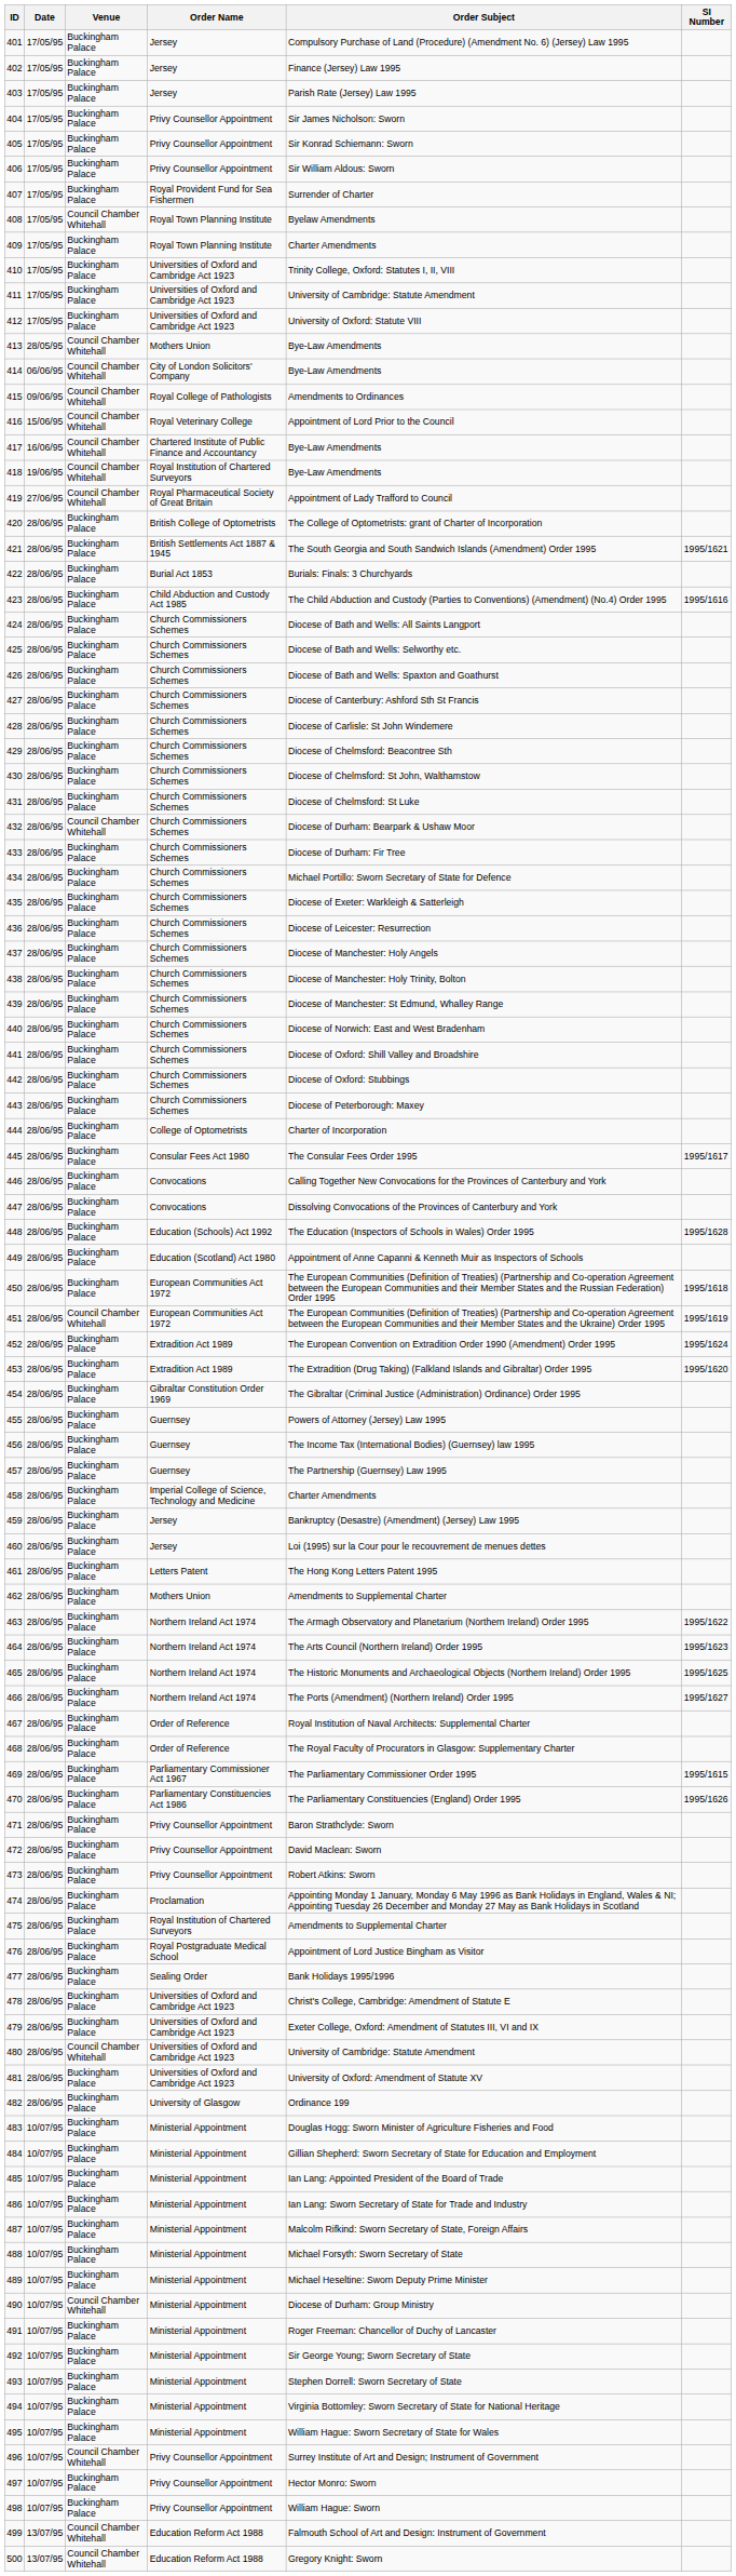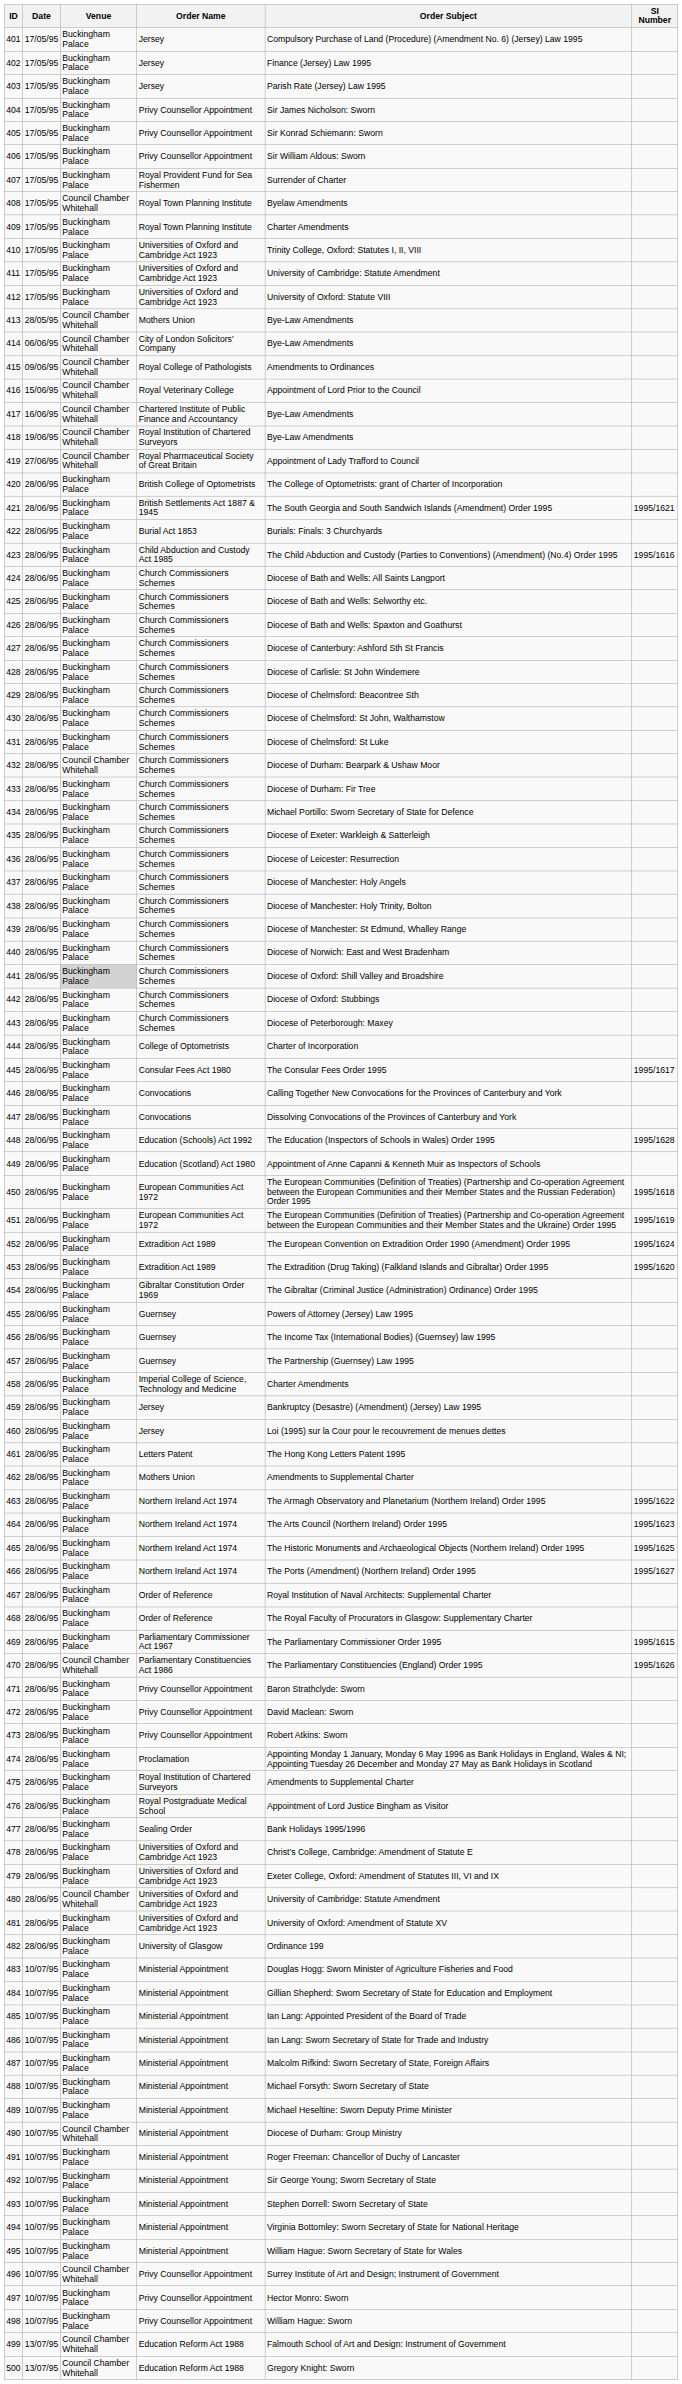 <table class="wikitable">
 <tr>
 <th>ID</th>
 <th>Date</th>
 <th>Venue</th>
 <th>Order Name</th>
 <th>Order Subject</th>
 <th>SI Number</th>
 </tr>
 <tr>
 <td>401</td>
 <td>17/05/95</td>
 <td>Buckingham Palace</td>
 <td>Jersey</td>
 <td>Compulsory Purchase of Land (Procedure) (Amendment No. 6) (Jersey) Law 1995</td>
 <td></td>
 </tr>
 <tr>
 <td>402</td>
 <td>17/05/95</td>
 <td>Buckingham Palace</td>
 <td>Jersey</td>
 <td>Finance (Jersey) Law 1995</td>
 <td></td>
 </tr>
 <tr>
 <td>403</td>
 <td>17/05/95</td>
 <td>Buckingham Palace</td>
 <td>Jersey</td>
 <td>Parish Rate (Jersey) Law 1995</td>
 <td></td>
 </tr>
 <tr>
 <td>404</td>
 <td>17/05/95</td>
 <td>Buckingham Palace</td>
 <td>Privy Counsellor Appointment</td>
 <td>Sir James Nicholson: Sworn</td>
 <td></td>
 </tr>
 <tr>
 <td>405</td>
 <td>17/05/95</td>
 <td>Buckingham Palace</td>
 <td>Privy Counsellor Appointment</td>
 <td>Sir Konrad Schiemann: Sworn</td>
 <td></td>
 </tr>
 <tr>
 <td>406</td>
 <td>17/05/95</td>
 <td>Buckingham Palace</td>
 <td>Privy Counsellor Appointment</td>
 <td>Sir William Aldous: Sworn</td>
 <td></td>
 </tr>
 <tr>
 <td>407</td>
 <td>17/05/95</td>
 <td>Buckingham Palace</td>
 <td>Royal Provident Fund for Sea Fishermen</td>
 <td>Surrender of Charter</td>
 <td></td>
 </tr>
 <tr>
 <td>408</td>
 <td>17/05/95</td>
 <td>Council Chamber Whitehall</td>
 <td>Royal Town Planning Institute</td>
 <td>Byelaw Amendments</td>
 <td></td>
 </tr>
 <tr>
 <td>409</td>
 <td>17/05/95</td>
 <td>Buckingham Palace</td>
 <td>Royal Town Planning Institute</td>
 <td>Charter Amendments</td>
 <td></td>
 </tr>
 <tr>
 <td>410</td>
 <td>17/05/95</td>
 <td>Buckingham Palace</td>
 <td>Universities of Oxford and Cambridge Act 1923</td>
 <td>Trinity College, Oxford: Statutes I, II, VIII</td>
 <td></td>
 </tr>
 <tr>
 <td>411</td>
 <td>17/05/95</td>
 <td>Buckingham Palace</td>
 <td>Universities of Oxford and Cambridge Act 1923</td>
 <td>University of Cambridge: Statute Amendment</td>
 <td></td>
 </tr>
 <tr>
 <td>412</td>
 <td>17/05/95</td>
 <td>Buckingham Palace</td>
 <td>Universities of Oxford and Cambridge Act 1923</td>
 <td>University of Oxford: Statute VIII</td>
 <td></td>
 </tr>
 <tr>
 <td>413</td>
 <td>28/05/95</td>
 <td>Council Chamber Whitehall</td>
 <td>Mothers Union</td>
 <td>Bye-Law Amendments</td>
 <td></td>
 </tr>
 <tr>
 <td>414</td>
 <td>06/06/95</td>
 <td>Council Chamber Whitehall</td>
 <td>City of London Solicitors' Company</td>
 <td>Bye-Law Amendments</td>
 <td></td>
 </tr>
 <tr>
 <td>415</td>
 <td>09/06/95</td>
 <td>Council Chamber Whitehall</td>
 <td>Royal College of Pathologists</td>
 <td>Amendments to Ordinances</td>
 <td></td>
 </tr>
 <tr>
 <td>416</td>
 <td>15/06/95</td>
 <td>Council Chamber Whitehall</td>
 <td>Royal Veterinary College</td>
 <td>Appointment of Lord Prior to the Council</td>
 <td></td>
 </tr>
 <tr>
 <td>417</td>
 <td>16/06/95</td>
 <td>Council Chamber Whitehall</td>
 <td>Chartered Institute of Public Finance and Accountancy</td>
 <td>Bye-Law Amendments</td>
 <td></td>
 </tr>
 <tr>
 <td>418</td>
 <td>19/06/95</td>
 <td>Council Chamber Whitehall</td>
 <td>Royal Institution of Chartered Surveyors</td>
 <td>Bye-Law Amendments</td>
 <td></td>
 </tr>
 <tr>
 <td>419</td>
 <td>27/06/95</td>
 <td>Council Chamber Whitehall</td>
 <td>Royal Pharmaceutical Society of Great Britain</td>
 <td>Appointment of Lady Trafford to Council</td>
 <td></td>
 </tr>
 <tr>
 <td>420</td>
 <td>28/06/95</td>
 <td>Buckingham Palace</td>
 <td>British College of Optometrists</td>
 <td>The College of Optometrists: grant of Charter of Incorporation</td>
 <td></td>
 </tr>
 <tr>
 <td>421</td>
 <td>28/06/95</td>
 <td>Buckingham Palace</td>
 <td>British Settlements Act 1887 & 1945</td>
 <td>The South Georgia and South Sandwich Islands (Amendment) Order 1995</td>
 <td>1995/1621</td>
 </tr>
 <tr>
 <td>422</td>
 <td>28/06/95</td>
 <td>Buckingham Palace</td>
 <td>Burial Act 1853</td>
 <td>Burials: Finals: 3 Churchyards</td>
 <td></td>
 </tr>
 <tr>
 <td>423</td>
 <td>28/06/95</td>
 <td>Buckingham Palace</td>
 <td>Child Abduction and Custody Act 1985</td>
 <td>The Child Abduction and Custody (Parties to Conventions) (Amendment) (No.4) Order 1995</td>
 <td>1995/1616</td>
 </tr>
 <tr>
 <td>424</td>
 <td>28/06/95</td>
 <td>Buckingham Palace</td>
 <td>Church Commissioners Schemes</td>
 <td>Diocese of Bath and Wells: All Saints Langport</td>
 <td></td>
 </tr>
 <tr>
 <td>425</td>
 <td>28/06/95</td>
 <td>Buckingham Palace</td>
 <td>Church Commissioners Schemes</td>
 <td>Diocese of Bath and Wells: Selworthy etc.</td>
 <td></td>
 </tr>
 <tr>
 <td>426</td>
 <td>28/06/95</td>
 <td>Buckingham Palace</td>
 <td>Church Commissioners Schemes</td>
 <td>Diocese of Bath and Wells: Spaxton and Goathurst</td>
 <td></td>
 </tr>
 <tr>
 <td>427</td>
 <td>28/06/95</td>
 <td>Buckingham Palace</td>
 <td>Church Commissioners Schemes</td>
 <td>Diocese of Canterbury: Ashford Sth St Francis</td>
 <td></td>
 </tr>
 <tr>
 <td>428</td>
 <td>28/06/95</td>
 <td>Buckingham Palace</td>
 <td>Church Commissioners Schemes</td>
 <td>Diocese of Carlisle: St John Windemere</td>
 <td></td>
 </tr>
 <tr>
 <td>429</td>
 <td>28/06/95</td>
 <td>Buckingham Palace</td>
 <td>Church Commissioners Schemes</td>
 <td>Diocese of Chelmsford: Beacontree Sth</td>
 <td></td>
 </tr>
 <tr>
 <td>430</td>
 <td>28/06/95</td>
 <td>Buckingham Palace</td>
 <td>Church Commissioners Schemes</td>
 <td>Diocese of Chelmsford: St John, Walthamstow</td>
 <td></td>
 </tr>
 <tr>
 <td>431</td>
 <td>28/06/95</td>
 <td>Buckingham Palace</td>
 <td>Church Commissioners Schemes</td>
 <td>Diocese of Chelmsford: St Luke</td>
 <td></td>
 </tr>
 <tr>
 <td>432</td>
 <td>28/06/95</td>
 <td>Council Chamber Whitehall</td>
 <td>Church Commissioners Schemes</td>
 <td>Diocese of Durham: Bearpark & Ushaw Moor</td>
 <td></td>
 </tr>
 <tr>
 <td>433</td>
 <td>28/06/95</td>
 <td>Buckingham Palace</td>
 <td>Church Commissioners Schemes</td>
 <td>Diocese of Durham: Fir Tree</td>
 <td></td>
 </tr>
 <tr>
 <td>434</td>
 <td>28/06/95</td>
 <td>Buckingham Palace</td>
 <td>Church Commissioners Schemes</td>
 <td>Michael Portillo: Sworn Secretary of State for Defence</td>
 <td></td>
 </tr>
 <tr>
 <td>435</td>
 <td>28/06/95</td>
 <td>Buckingham Palace</td>
 <td>Church Commissioners Schemes</td>
 <td>Diocese of Exeter: Warkleigh & Satterleigh</td>
 <td></td>
 </tr>
 <tr>
 <td>436</td>
 <td>28/06/95</td>
 <td>Buckingham Palace</td>
 <td>Church Commissioners Schemes</td>
 <td>Diocese of Leicester: Resurrection</td>
 <td></td>
 </tr>
 <tr>
 <td>437</td>
 <td>28/06/95</td>
 <td>Buckingham Palace</td>
 <td>Church Commissioners Schemes</td>
 <td>Diocese of Manchester: Holy Angels</td>
 <td></td>
 </tr>
 <tr>
 <td>438</td>
 <td>28/06/95</td>
 <td>Buckingham Palace</td>
 <td>Church Commissioners Schemes</td>
 <td>Diocese of Manchester: Holy Trinity, Bolton</td>
 <td></td>
 </tr>
 <tr>
 <td>439</td>
 <td>28/06/95</td>
 <td>Buckingham Palace</td>
 <td>Church Commissioners Schemes</td>
 <td>Diocese of Manchester: St Edmund, Whalley Range</td>
 <td></td>
 </tr>
 <tr>
 <td>440</td>
 <td>28/06/95</td>
 <td>Buckingham Palace</td>
 <td>Church Commissioners Schemes</td>
 <td>Diocese of Norwich: East and West Bradenham</td>
 <td></td>
 </tr>
 <tr>
 <td>441</td>
 <td>28/06/95</td>
-<td>Buckingham Palace</td>
+<td style="background: lightgrey;">Buckingham Palace</td>
 <td>Church Commissioners Schemes</td>
 <td>Diocese of Oxford: Shill Valley and Broadshire</td>
 <td></td>
 </tr>
 <tr>
 <td>442</td>
 <td>28/06/95</td>
 <td>Buckingham Palace</td>
 <td>Church Commissioners Schemes</td>
 <td>Diocese of Oxford: Stubbings</td>
 <td></td>
 </tr>
 <tr>
 <td>443</td>
 <td>28/06/95</td>
 <td>Buckingham Palace</td>
 <td>Church Commissioners Schemes</td>
 <td>Diocese of Peterborough: Maxey</td>
 <td></td>
 </tr>
 <tr>
 <td>444</td>
 <td>28/06/95</td>
 <td>Buckingham Palace</td>
 <td>College of Optometrists</td>
 <td>Charter of Incorporation</td>
 <td></td>
 </tr>
 <tr>
 <td>445</td>
 <td>28/06/95</td>
 <td>Buckingham Palace</td>
 <td>Consular Fees Act 1980</td>
 <td>The Consular Fees Order 1995</td>
 <td>1995/1617</td>
 </tr>
 <tr>
 <td>446</td>
 <td>28/06/95</td>
 <td>Buckingham Palace</td>
 <td>Convocations</td>
 <td>Calling Together New Convocations for the Provinces of Canterbury and York</td>
 <td></td>
 </tr>
 <tr>
 <td>447</td>
 <td>28/06/95</td>
 <td>Buckingham Palace</td>
 <td>Convocations</td>
 <td>Dissolving Convocations of the Provinces of Canterbury and York</td>
 <td></td>
 </tr>
 <tr>
 <td>448</td>
 <td>28/06/95</td>
 <td>Buckingham Palace</td>
 <td>Education (Schools) Act 1992</td>
 <td>The Education (Inspectors of Schools in Wales) Order 1995</td>
 <td>1995/1628</td>
 </tr>
 <tr>
 <td>449</td>
 <td>28/06/95</td>
 <td>Buckingham Palace</td>
 <td>Education (Scotland) Act 1980</td>
 <td>Appointment of Anne Capanni & Kenneth Muir as Inspectors of Schools</td>
 <td></td>
 </tr>
 <tr>
 <td>450</td>
 <td>28/06/95</td>
 <td>Buckingham Palace</td>
 <td>European Communities Act 1972</td>
 <td>The European Communities (Definition of Treaties) (Partnership and Co-operation Agreement between the European Communities and their Member States and the Russian Federation) Order 1995</td>
 <td>1995/1618</td>
 </tr>
 <tr>
 <td>451</td>
 <td>28/06/95</td>
-<td>Council Chamber Whitehall</td>
+<td>Buckingham Palace</td>
 <td>European Communities Act 1972</td>
 <td>The European Communities (Definition of Treaties) (Partnership and Co-operation Agreement between the European Communities and their Member States and the Ukraine) Order 1995</td>
 <td>1995/1619</td>
 </tr>
 <tr>
 <td>452</td>
 <td>28/06/95</td>
 <td>Buckingham Palace</td>
 <td>Extradition Act 1989</td>
 <td>The European Convention on Extradition Order 1990 (Amendment) Order 1995</td>
 <td>1995/1624</td>
 </tr>
 <tr>
 <td>453</td>
 <td>28/06/95</td>
 <td>Buckingham Palace</td>
 <td>Extradition Act 1989</td>
 <td>The Extradition (Drug Taking) (Falkland Islands and Gibraltar) Order 1995</td>
 <td>1995/1620</td>
 </tr>
 <tr>
 <td>454</td>
 <td>28/06/95</td>
 <td>Buckingham Palace</td>
 <td>Gibraltar Constitution Order 1969</td>
 <td>The Gibraltar (Criminal Justice (Administration) Ordinance) Order 1995</td>
 <td></td>
 </tr>
 <tr>
 <td>455</td>
 <td>28/06/95</td>
 <td>Buckingham Palace</td>
 <td>Guernsey</td>
 <td>Powers of Attorney (Jersey) Law 1995</td>
 <td></td>
 </tr>
 <tr>
 <td>456</td>
 <td>28/06/95</td>
 <td>Buckingham Palace</td>
 <td>Guernsey</td>
 <td>The Income Tax (International Bodies) (Guernsey) law 1995</td>
 <td></td>
 </tr>
 <tr>
 <td>457</td>
 <td>28/06/95</td>
 <td>Buckingham Palace</td>
 <td>Guernsey</td>
 <td>The Partnership (Guernsey) Law 1995</td>
 <td></td>
 </tr>
 <tr>
 <td>458</td>
 <td>28/06/95</td>
 <td>Buckingham Palace</td>
 <td>Imperial College of Science, Technology and Medicine</td>
 <td>Charter Amendments</td>
 <td></td>
 </tr>
 <tr>
 <td>459</td>
 <td>28/06/95</td>
 <td>Buckingham Palace</td>
 <td>Jersey</td>
 <td>Bankruptcy (Desastre) (Amendment) (Jersey) Law 1995</td>
 <td></td>
 </tr>
 <tr>
 <td>460</td>
 <td>28/06/95</td>
 <td>Buckingham Palace</td>
 <td>Jersey</td>
 <td>Loi (1995) sur la Cour pour le recouvrement de menues dettes</td>
 <td></td>
 </tr>
 <tr>
 <td>461</td>
 <td>28/06/95</td>
 <td>Buckingham Palace</td>
 <td>Letters Patent</td>
 <td>The Hong Kong Letters Patent 1995</td>
 <td></td>
 </tr>
 <tr>
 <td>462</td>
 <td>28/06/95</td>
 <td>Buckingham Palace</td>
 <td>Mothers Union</td>
 <td>Amendments to Supplemental Charter</td>
 <td></td>
 </tr>
 <tr>
 <td>463</td>
 <td>28/06/95</td>
 <td>Buckingham Palace</td>
 <td>Northern Ireland Act 1974</td>
 <td>The Armagh Observatory and Planetarium (Northern Ireland) Order 1995</td>
 <td>1995/1622</td>
 </tr>
 <tr>
 <td>464</td>
 <td>28/06/95</td>
 <td>Buckingham Palace</td>
 <td>Northern Ireland Act 1974</td>
 <td>The Arts Council (Northern Ireland) Order 1995</td>
 <td>1995/1623</td>
 </tr>
 <tr>
 <td>465</td>
 <td>28/06/95</td>
 <td>Buckingham Palace</td>
 <td>Northern Ireland Act 1974</td>
 <td>The Historic Monuments and Archaeological Objects (Northern Ireland) Order 1995</td>
 <td>1995/1625</td>
 </tr>
 <tr>
 <td>466</td>
 <td>28/06/95</td>
 <td>Buckingham Palace</td>
 <td>Northern Ireland Act 1974</td>
 <td>The Ports (Amendment) (Northern Ireland) Order 1995</td>
 <td>1995/1627</td>
 </tr>
 <tr>
 <td>467</td>
 <td>28/06/95</td>
 <td>Buckingham Palace</td>
 <td>Order of Reference</td>
 <td>Royal Institution of Naval Architects: Supplemental Charter</td>
 <td></td>
 </tr>
 <tr>
 <td>468</td>
 <td>28/06/95</td>
 <td>Buckingham Palace</td>
 <td>Order of Reference</td>
 <td>The Royal Faculty of Procurators in Glasgow: Supplementary Charter</td>
 <td></td>
 </tr>
 <tr>
 <td>469</td>
 <td>28/06/95</td>
 <td>Buckingham Palace</td>
 <td>Parliamentary Commissioner Act 1967</td>
 <td>The Parliamentary Commissioner Order 1995</td>
 <td>1995/1615</td>
 </tr>
 <tr>
 <td>470</td>
 <td>28/06/95</td>
-<td>Buckingham Palace</td>
+<td>Council Chamber Whitehall</td>
 <td>Parliamentary Constituencies Act 1986</td>
 <td>The Parliamentary Constituencies (England) Order 1995</td>
 <td>1995/1626</td>
 </tr>
 <tr>
 <td>471</td>
 <td>28/06/95</td>
 <td>Buckingham Palace</td>
 <td>Privy Counsellor Appointment</td>
 <td>Baron Strathclyde: Sworn</td>
 <td></td>
 </tr>
 <tr>
 <td>472</td>
 <td>28/06/95</td>
 <td>Buckingham Palace</td>
 <td>Privy Counsellor Appointment</td>
 <td>David Maclean: Sworn</td>
 <td></td>
 </tr>
 <tr>
 <td>473</td>
 <td>28/06/95</td>
 <td>Buckingham Palace</td>
 <td>Privy Counsellor Appointment</td>
 <td>Robert Atkins: Sworn</td>
 <td></td>
 </tr>
 <tr>
 <td>474</td>
 <td>28/06/95</td>
 <td>Buckingham Palace</td>
 <td>Proclamation</td>
 <td>Appointing Monday 1 January, Monday 6 May 1996 as Bank Holidays in England, Wales & NI; Appointing Tuesday 26 December and Monday 27 May as Bank Holidays in Scotland</td>
 <td></td>
 </tr>
 <tr>
 <td>475</td>
 <td>28/06/95</td>
 <td>Buckingham Palace</td>
 <td>Royal Institution of Chartered Surveyors</td>
 <td>Amendments to Supplemental Charter</td>
 <td></td>
 </tr>
 <tr>
 <td>476</td>
 <td>28/06/95</td>
 <td>Buckingham Palace</td>
 <td>Royal Postgraduate Medical School</td>
 <td>Appointment of Lord Justice Bingham as Visitor</td>
 <td></td>
 </tr>
 <tr>
 <td>477</td>
 <td>28/06/95</td>
 <td>Buckingham Palace</td>
 <td>Sealing Order</td>
 <td>Bank Holidays 1995/1996</td>
 <td></td>
 </tr>
 <tr>
 <td>478</td>
 <td>28/06/95</td>
 <td>Buckingham Palace</td>
 <td>Universities of Oxford and Cambridge Act 1923</td>
 <td>Christ's College, Cambridge: Amendment of Statute E</td>
 <td></td>
 </tr>
 <tr>
 <td>479</td>
 <td>28/06/95</td>
 <td>Buckingham Palace</td>
 <td>Universities of Oxford and Cambridge Act 1923</td>
 <td>Exeter College, Oxford: Amendment of Statutes III, VI and IX</td>
 <td></td>
 </tr>
 <tr>
 <td>480</td>
 <td>28/06/95</td>
 <td>Council Chamber Whitehall</td>
 <td>Universities of Oxford and Cambridge Act 1923</td>
 <td>University of Cambridge: Statute Amendment</td>
 <td></td>
 </tr>
 <tr>
 <td>481</td>
 <td>28/06/95</td>
 <td>Buckingham Palace</td>
 <td>Universities of Oxford and Cambridge Act 1923</td>
 <td>University of Oxford: Amendment of Statute XV</td>
 <td></td>
 </tr>
 <tr>
 <td>482</td>
 <td>28/06/95</td>
 <td>Buckingham Palace</td>
 <td>University of Glasgow</td>
 <td>Ordinance 199</td>
 <td></td>
 </tr>
 <tr>
 <td>483</td>
 <td>10/07/95</td>
 <td>Buckingham Palace</td>
 <td>Ministerial Appointment</td>
 <td>Douglas Hogg: Sworn Minister of Agriculture Fisheries and Food</td>
 <td></td>
 </tr>
 <tr>
 <td>484</td>
 <td>10/07/95</td>
 <td>Buckingham Palace</td>
 <td>Ministerial Appointment</td>
 <td>Gillian Shepherd: Sworn Secretary of State for Education and Employment</td>
 <td></td>
 </tr>
 <tr>
 <td>485</td>
 <td>10/07/95</td>
 <td>Buckingham Palace</td>
 <td>Ministerial Appointment</td>
 <td>Ian Lang: Appointed President of the Board of Trade</td>
 <td></td>
 </tr>
 <tr>
 <td>486</td>
 <td>10/07/95</td>
 <td>Buckingham Palace</td>
 <td>Ministerial Appointment</td>
 <td>Ian Lang: Sworn Secretary of State for Trade and Industry</td>
 <td></td>
 </tr>
 <tr>
 <td>487</td>
 <td>10/07/95</td>
 <td>Buckingham Palace</td>
 <td>Ministerial Appointment</td>
 <td>Malcolm Rifkind: Sworn Secretary of State, Foreign Affairs</td>
 <td></td>
 </tr>
 <tr>
 <td>488</td>
 <td>10/07/95</td>
 <td>Buckingham Palace</td>
 <td>Ministerial Appointment</td>
 <td>Michael Forsyth: Sworn Secretary of State</td>
 <td></td>
 </tr>
 <tr>
 <td>489</td>
 <td>10/07/95</td>
 <td>Buckingham Palace</td>
 <td>Ministerial Appointment</td>
 <td>Michael Heseltine: Sworn Deputy Prime Minister</td>
 <td></td>
 </tr>
 <tr>
 <td>490</td>
 <td>10/07/95</td>
 <td>Council Chamber Whitehall</td>
 <td>Ministerial Appointment</td>
 <td>Diocese of Durham: Group Ministry</td>
 <td></td>
 </tr>
 <tr>
 <td>491</td>
 <td>10/07/95</td>
 <td>Buckingham Palace</td>
 <td>Ministerial Appointment</td>
 <td>Roger Freeman: Chancellor of Duchy of Lancaster</td>
 <td></td>
 </tr>
 <tr>
 <td>492</td>
 <td>10/07/95</td>
 <td>Buckingham Palace</td>
 <td>Ministerial Appointment</td>
 <td>Sir George Young; Sworn Secretary of State</td>
 <td></td>
 </tr>
 <tr>
 <td>493</td>
 <td>10/07/95</td>
 <td>Buckingham Palace</td>
 <td>Ministerial Appointment</td>
 <td>Stephen Dorrell: Sworn Secretary of State</td>
 <td></td>
 </tr>
 <tr>
 <td>494</td>
 <td>10/07/95</td>
 <td>Buckingham Palace</td>
 <td>Ministerial Appointment</td>
 <td>Virginia Bottomley: Sworn Secretary of State for National Heritage</td>
 <td></td>
 </tr>
 <tr>
 <td>495</td>
 <td>10/07/95</td>
 <td>Buckingham Palace</td>
 <td>Ministerial Appointment</td>
 <td>William Hague: Sworn Secretary of State for Wales</td>
 <td></td>
 </tr>
 <tr>
 <td>496</td>
 <td>10/07/95</td>
 <td>Council Chamber Whitehall</td>
 <td>Privy Counsellor Appointment</td>
 <td>Surrey Institute of Art and Design; Instrument of Government</td>
 <td></td>
 </tr>
 <tr>
 <td>497</td>
 <td>10/07/95</td>
 <td>Buckingham Palace</td>
 <td>Privy Counsellor Appointment</td>
 <td>Hector Monro: Sworn</td>
 <td></td>
 </tr>
 <tr>
 <td>498</td>
 <td>10/07/95</td>
 <td>Buckingham Palace</td>
 <td>Privy Counsellor Appointment</td>
 <td>William Hague: Sworn</td>
 <td></td>
 </tr>
 <tr>
 <td>499</td>
 <td>13/07/95</td>
 <td>Council Chamber Whitehall</td>
 <td>Education Reform Act 1988</td>
 <td>Falmouth School of Art and Design: Instrument of Government</td>
 <td></td>
 </tr>
 <tr>
 <td>500</td>
 <td>13/07/95</td>
 <td>Council Chamber Whitehall</td>
 <td>Education Reform Act 1988</td>
 <td>Gregory Knight: Sworn</td>
 <td></td>
 </tr>
 </table>
